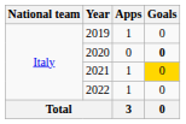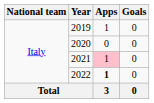 <table class="wikitable" style="text-align:center">
 <tr>
 <th>National team</th>
 <th>Year</th>
 <th>Apps</th>
 <th>Goals</th>
 </tr>
 <tr>
 <td rowspan="4"><a href='#'>Italy</a></td>
 <td>2019</td>
 <td>1</td>
 <td>0</td>
 </tr>
 <tr>
 <td>2020</td>
 <td>0</td>
-<td><strong>0</strong></td>
+<td>0</td>
 </tr>
 <tr>
 <td>2021</td>
-<td>1</td>
-<td style="background: gold;">0</td>
+<td style="background: pink;">1</td>
+<td>0</td>
 </tr>
 <tr>
 <td>2022</td>
-<td>1</td>
+<td><strong>1</strong></td>
 <td>0</td>
 </tr>
 <tr>
 <th colspan="2">Total</th>
 <th>3</th>
 <th>0</th>
 </tr>
 </table>
